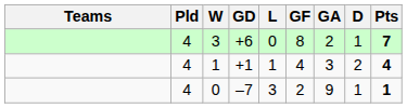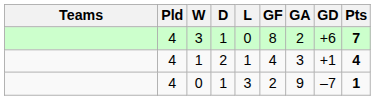 <table class="wikitable" style="text-align: center;">
 <tr>
 <th width=165>Teams</th>
 <th width=20>Pld</th>
 <th width=20>W</th>
-<th width=20>GD</th>
+<th width=20>D</th>
 <th width=20>L</th>
 <th width=20>GF</th>
 <th width=20>GA</th>
-<th width=20>D</th>
+<th width=20>GD</th>
 <th width=20>Pts</th>
 </tr>
 <tr align=center style="background:#ccffcc;">
 <td style="text-align:left;"></td>
 <td>4</td>
 <td>3</td>
-<td>+6</td>
+<td>1</td>
 <td>0</td>
 <td>8</td>
 <td>2</td>
-<td>1</td>
+<td>+6</td>
 <td><strong>7</strong></td>
 </tr>
 <tr align=center>
 <td style="text-align:left;"></td>
 <td>4</td>
 <td>1</td>
-<td>+1</td>
+<td>2</td>
 <td>1</td>
 <td>4</td>
 <td>3</td>
-<td>2</td>
+<td>+1</td>
 <td><strong>4</strong></td>
 </tr>
 <tr align=center>
 <td style="text-align:left;"></td>
 <td>4</td>
 <td>0</td>
-<td>–7</td>
+<td>1</td>
 <td>3</td>
 <td>2</td>
 <td>9</td>
-<td>1</td>
+<td>–7</td>
 <td><strong>1</strong></td>
 </tr>
 </table>
